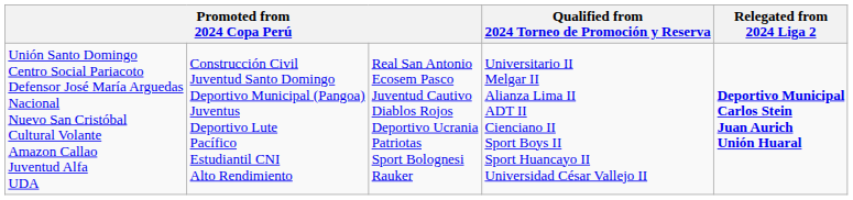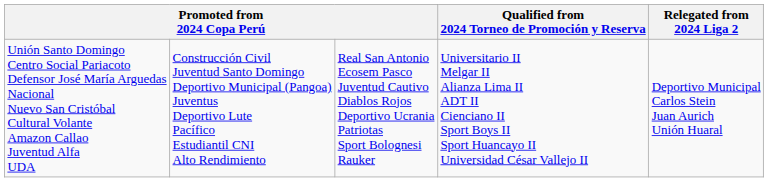 <table class="wikitable">
 <tr>
 <th colspan="3">Promoted from<br><a href='#'>2024 Copa Perú</a></th>
 <th>Qualified from<br><a href='#'>2024 Torneo de Promoción y Reserva</a></th>
 <th>Relegated from<br><a href='#'>2024 Liga 2</a></th>
 </tr>
 <tr>
 <td> <a href='#'>Unión Santo Domingo</a> <br> <a href='#'>Centro Social Pariacoto</a> <br> <a href='#'>Defensor José María Arguedas</a> <br> <a href='#'>Nacional</a> <br> <a href='#'>Nuevo San Cristóbal</a> <br> <a href='#'>Cultural Volante</a> <br> <a href='#'>Amazon Callao</a> <br> <a href='#'>Juventud Alfa</a> <br> <a href='#'>UDA</a> </td>
 <td> <a href='#'>Construcción Civil</a> <br> <a href='#'>Juventud Santo Domingo</a> <br> <a href='#'>Deportivo Municipal (Pangoa)</a> <br> <a href='#'>Juventus</a> <br> <a href='#'>Deportivo Lute</a> <br> <a href='#'>Pacífico</a> <br> <a href='#'>Estudiantil CNI</a> <br> <a href='#'>Alto Rendimiento</a> </td>
 <td> <a href='#'>Real San Antonio</a> <br>  <a href='#'>Ecosem Pasco</a> <br> <a href='#'>Juventud Cautivo</a> <br> <a href='#'>Diablos Rojos</a> <br> <a href='#'>Deportivo Ucrania</a> <br> <a href='#'>Patriotas</a> <br> <a href='#'>Sport Bolognesi</a> <br> <a href='#'>Rauker</a> </td>
 <td> <a href='#'>Universitario II</a> <br> <a href='#'>Melgar II</a> <br> <a href='#'>Alianza Lima II</a> <br> <a href='#'>ADT II</a> <br> <a href='#'>Cienciano II</a> <br> <a href='#'>Sport Boys II</a> <br> <a href='#'>Sport Huancayo II</a> <br> <a href='#'>Universidad César Vallejo II</a> </td>
-<td><strong> <a href='#'>Deportivo Municipal</a> <br> <a href='#'>Carlos Stein</a> <br> <a href='#'>Juan Aurich</a> <br> <a href='#'>Unión Huaral</a> </strong></td>
+<td> <a href='#'>Deportivo Municipal</a> <br> <a href='#'>Carlos Stein</a> <br> <a href='#'>Juan Aurich</a> <br> <a href='#'>Unión Huaral</a> </td>
 </tr>
 </table>
